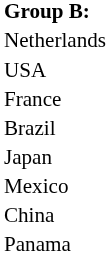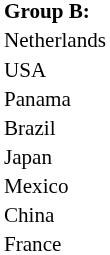 <table>
 <tr>
 <th style="width:12em;text-align:left;">Group B:</th>
 </tr>
 <tr>
 <td>Netherlands</td>
 </tr>
 <tr>
 <td>USA</td>
 </tr>
 <tr>
-<td>France</td>
+<td>Panama</td>
 </tr>
 <tr>
 <td>Brazil</td>
 </tr>
 <tr>
 <td>Japan</td>
 </tr>
 <tr>
 <td>Mexico</td>
 </tr>
 <tr>
 <td>China</td>
 </tr>
 <tr>
-<td>Panama</td>
+<td>France</td>
 </tr>
 </table>
